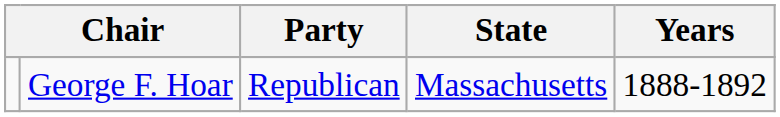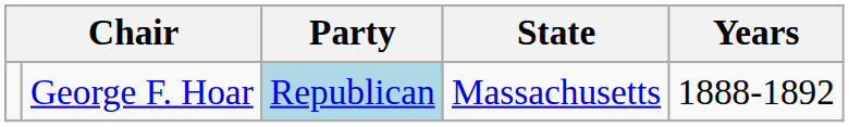 <table class=wikitable>
 <tr>
 <th colspan=2>Chair</th>
 <th>Party</th>
 <th>State</th>
 <th>Years</th>
 </tr>
 <tr>
 <td></td>
 <td><a href='#'>George F. Hoar</a></td>
-<td><a href='#'>Republican</a></td>
+<td style="background: lightblue;"><a href='#'>Republican</a></td>
 <td><a href='#'>Massachusetts</a></td>
 <td>1888-1892</td>
 </tr>
 </table>
